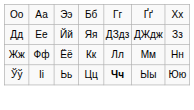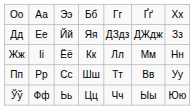 <table class="wikitable">
 <tr align=center style=height:2em>
 <td style="font-family:sans-serif; font-size:1.0em; width:2em">Оо</td>
 <td style="font-family:sans-serif; font-size:1.0em; width:2em">Аа</td>
 <td style="font-family:sans-serif; font-size:1.0em; width:2em">Ээ</td>
 <td style="font-family:sans-serif; font-size:1.0em; width:2em">Бб</td>
 <td style="font-family:sans-serif; font-size:1.0em; width:2em">Гг</td>
 <td style="font-family:sans-serif; font-size:1.0em; width:2em">Ґґ</td>
 <td style="font-family:sans-serif; font-size:1.0em; width:2em">Хх</td>
 </tr>
 <tr align=center style=height:2em>
 <td style="font-family:sans-serif; font-size:1.0em; width:2em">Дд</td>
 <td style="font-family:sans-serif; font-size:1.0em; width:2em">Ее</td>
 <td style="font-family:sans-serif; font-size:1.0em; width:2em">Йй</td>
 <td style="font-family:sans-serif; font-size:1.0em; width:2em">Яя</td>
 <td style="font-family:sans-serif; font-size:1.0em; width:2em">ДЗдз</td>
 <td style="font-family:sans-serif; font-size:1.0em; width:2em">ДЖдж</td>
 <td style="font-family:sans-serif; font-size:1.0em; width:2em">Зз</td>
 </tr>
 <tr align=center style=height:2em>
 <td style="font-family:sans-serif; font-size:1.0em; width:2em">Жж</td>
-<td style="font-family:sans-serif; font-size:1.0em; width:2em">Фф</td>
+<td style="font-family:sans-serif; font-size:1.0em; width:2em">Іі</td>
 <td style="font-family:sans-serif; font-size:1.0em; width:2em">Ёё</td>
 <td style="font-family:sans-serif; font-size:1.0em; width:2em">Кк</td>
 <td style="font-family:sans-serif; font-size:1.0em; width:2em">Лл</td>
 <td style="font-family:sans-serif; font-size:1.0em; width:2em">Мм</td>
 <td style="font-family:sans-serif; font-size:1.0em; width:2em">Нн</td>
 </tr>
 <tr align=center style=height:2em>
+<td style="font-family:sans-serif; font-size:1.0em; width:2em">Пп</td>
+<td style="font-family:sans-serif; font-size:1.0em; width:2em">Рр</td>
+<td style="font-family:sans-serif; font-size:1.0em; width:2em">Сс</td>
+<td style="font-family:sans-serif; font-size:1.0em; width:2em">Шш</td>
+<td style="font-family:sans-serif; font-size:1.0em; width:2em">Тт</td>
+<td style="font-family:sans-serif; font-size:1.0em; width:2em">Вв</td>
+<td style="font-family:sans-serif; font-size:1.0em; width:2em">Уу</td>
+</tr>
+<tr align=center style=height:2em>
 <td style="font-family:sans-serif; font-size:1.0em; width:2em">Ўў</td>
-<td style="font-family:sans-serif; font-size:1.0em; width:2em">Іі</td>
+<td style="font-family:sans-serif; font-size:1.0em; width:2em">Фф</td>
 <td style="font-family:sans-serif; font-size:1.0em; width:2em">Ьь</td>
 <td style="font-family:sans-serif; font-size:1.0em; width:2em">Цц</td>
-<td style="font-family:sans-serif; font-size:1.0em; width:2em"><strong>Чч</strong></td>
+<td style="font-family:sans-serif; font-size:1.0em; width:2em">Чч</td>
 <td style="font-family:sans-serif; font-size:1.0em; width:2em">Ыы</td>
 <td style="font-family:sans-serif; font-size:1.0em; width:2em">Юю</td>
 </tr>
 </table>
